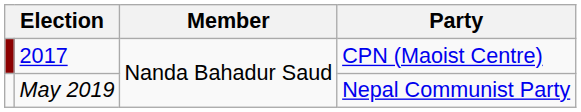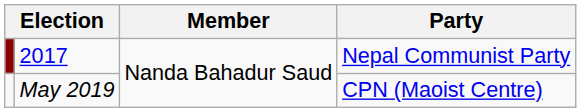 <table class="wikitable">
 <tr>
 <th colspan="2">Election</th>
 <th>Member</th>
 <th>Party</th>
 </tr>
 <tr>
 <td style="background-color:darkred"></td>
 <td><a href='#'>2017</a></td>
 <td rowspan="2">Nanda Bahadur Saud</td>
-<td><a href='#'>CPN (Maoist Centre)</a></td>
+<td><a href='#'>Nepal Communist Party</a></td>
 </tr>
 <tr>
 <td style="background-color:"></td>
 <td><em>May 2019</em></td>
-<td><a href='#'>Nepal Communist Party</a></td>
+<td><a href='#'>CPN (Maoist Centre)</a></td>
 </tr>
 </table>
